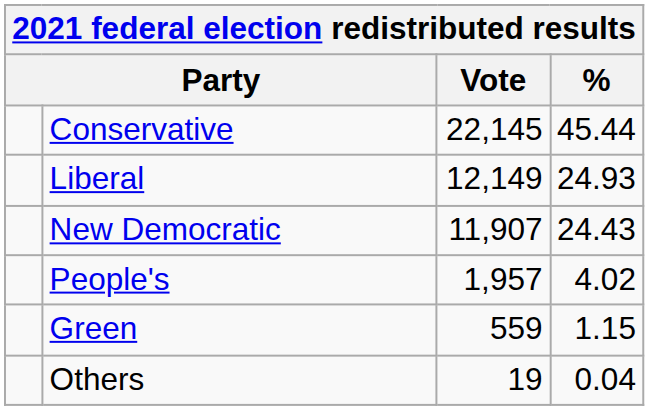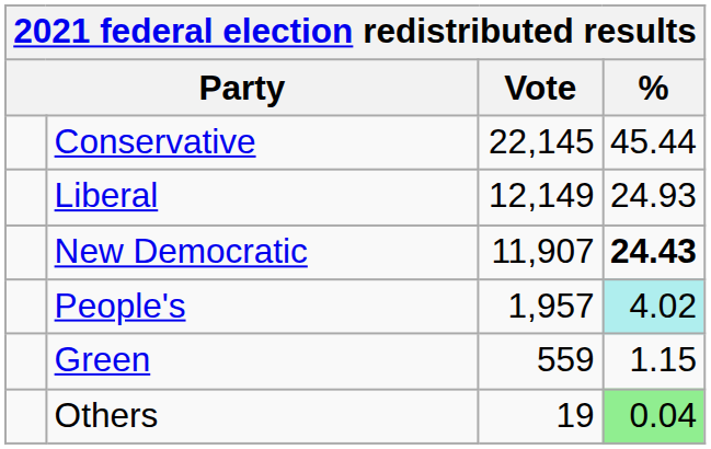 <table class="wikitable">
 <tr>
 <th colspan="4"><a href='#'>2021 federal election</a> redistributed results</th>
 </tr>
 <tr>
 <th bgcolor="#DDDDFF" width="130px" colspan="2">Party</th>
 <th bgcolor="#DDDDFF" width="50px">Vote</th>
 <th bgcolor="#DDDDFF" width="30px">%</th>
 </tr>
 <tr>
 <td> </td>
 <td><a href='#'>Conservative</a></td>
 <td align=right>22,145</td>
 <td align=right>45.44</td>
 </tr>
 <tr>
 <td> </td>
 <td><a href='#'>Liberal</a></td>
 <td align=right>12,149</td>
 <td align=right>24.93</td>
 </tr>
 <tr>
 <td> </td>
 <td><a href='#'>New Democratic</a></td>
 <td align=right>11,907</td>
-<td align=right>24.43</td>
+<td align=right><strong>24.43</strong></td>
 </tr>
 <tr>
 <td> </td>
 <td><a href='#'>People's</a></td>
 <td align=right>1,957</td>
-<td align=right>4.02</td>
+<td align=right style="background: paleturquoise;">4.02</td>
 </tr>
 <tr>
 <td> </td>
 <td><a href='#'>Green</a></td>
 <td align=right>559</td>
 <td align=right>1.15</td>
 </tr>
 <tr>
 <td> </td>
 <td>Others</td>
 <td align=right>19</td>
-<td align=right>0.04</td>
+<td align=right style="background: lightgreen;">0.04</td>
 </tr>
 </table>
